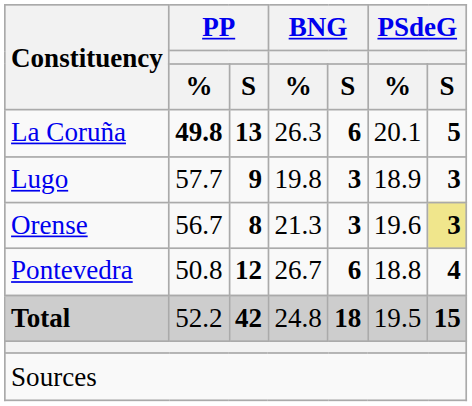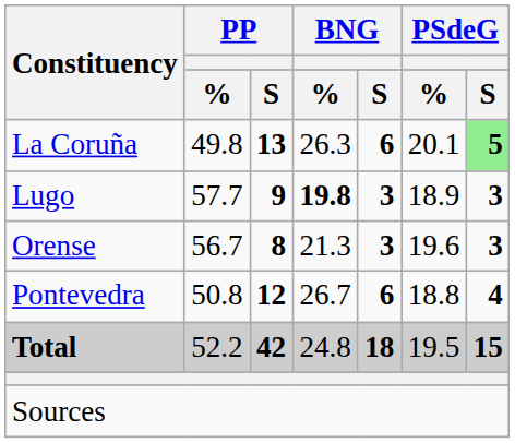 <table class="wikitable sortable" style="text-align:right; line-height:20px;">
 <tr>
 <th rowspan="3">Constituency</th>
 <th colspan="2" width="30px" class="unsortable"><a href='#'>PP</a></th>
 <th colspan="2" width="30px" class="unsortable"><a href='#'>BNG</a></th>
 <th colspan="2" width="30px" class="unsortable"><a href='#'>PSdeG</a></th>
 </tr>
 <tr>
 <th colspan="2" style="background:"></th>
 <th colspan="2" style="background:"></th>
 <th colspan="2" style="background:"></th>
 </tr>
 <tr>
 <th data-sort-type="number">%</th>
 <th data-sort-type="number">S</th>
 <th data-sort-type="number">%</th>
 <th data-sort-type="number">S</th>
 <th data-sort-type="number">%</th>
 <th data-sort-type="number">S</th>
 </tr>
 <tr>
 <td align="left"><a href='#'>La Coruña</a></td>
-<td style="background:"><strong>49.8</strong></td>
+<td style="background:">49.8</td>
 <td><strong>13</strong></td>
 <td>26.3</td>
 <td><strong>6</strong></td>
 <td>20.1</td>
-<td><strong>5</strong></td>
+<td style="background: lightgreen;"><strong>5</strong></td>
 </tr>
 <tr>
 <td align="left"><a href='#'>Lugo</a></td>
 <td style="background:">57.7</td>
 <td><strong>9</strong></td>
-<td>19.8</td>
+<td><strong>19.8</strong></td>
 <td><strong>3</strong></td>
 <td>18.9</td>
 <td><strong>3</strong></td>
 </tr>
 <tr>
 <td align="left"><a href='#'>Orense</a></td>
 <td style="background:">56.7</td>
 <td><strong>8</strong></td>
 <td>21.3</td>
 <td><strong>3</strong></td>
 <td>19.6</td>
-<td style="background: khaki;"><strong>3</strong></td>
+<td><strong>3</strong></td>
 </tr>
 <tr>
 <td align="left"><a href='#'>Pontevedra</a></td>
 <td style="background:">50.8</td>
 <td><strong>12</strong></td>
 <td>26.7</td>
 <td><strong>6</strong></td>
 <td>18.8</td>
 <td><strong>4</strong></td>
 </tr>
 <tr style="background:#CDCDCD;">
 <td align="left"><strong>Total</strong></td>
 <td style="background:">52.2</td>
 <td><strong>42</strong></td>
 <td>24.8</td>
 <td><strong>18</strong></td>
 <td>19.5</td>
 <td><strong>15</strong></td>
 </tr>
 <tr>
 <th colspan="7"></th>
 </tr>
 <tr>
 <th style="text-align:left; font-weight:normal; background:#F9F9F9" colspan="7">Sources</th>
 </tr>
 </table>
